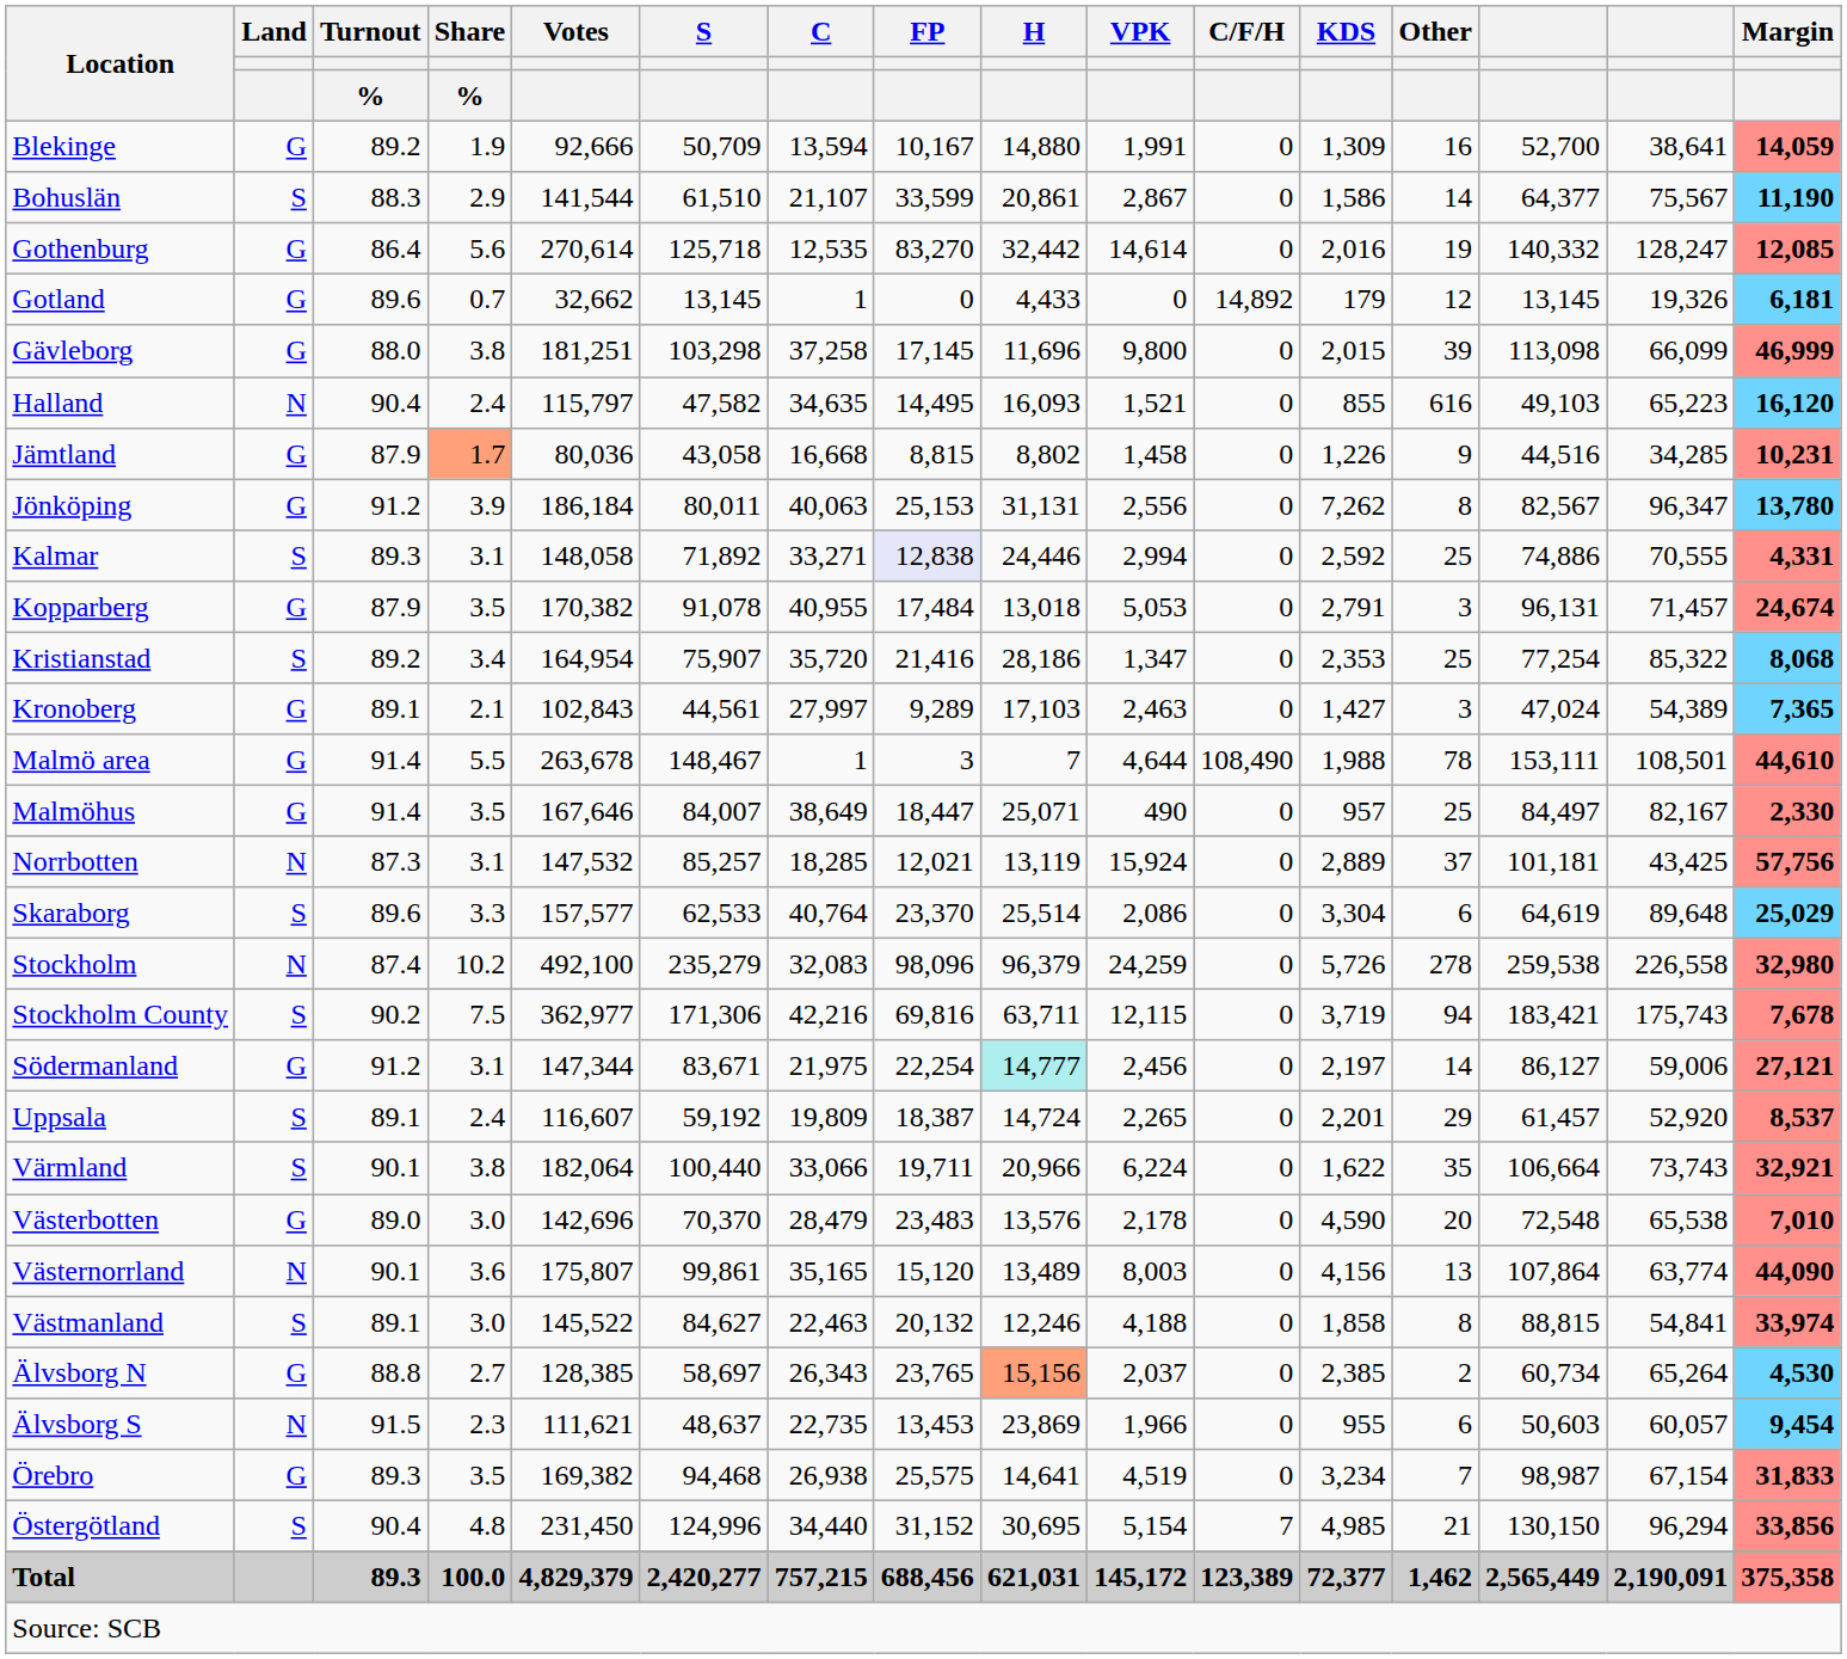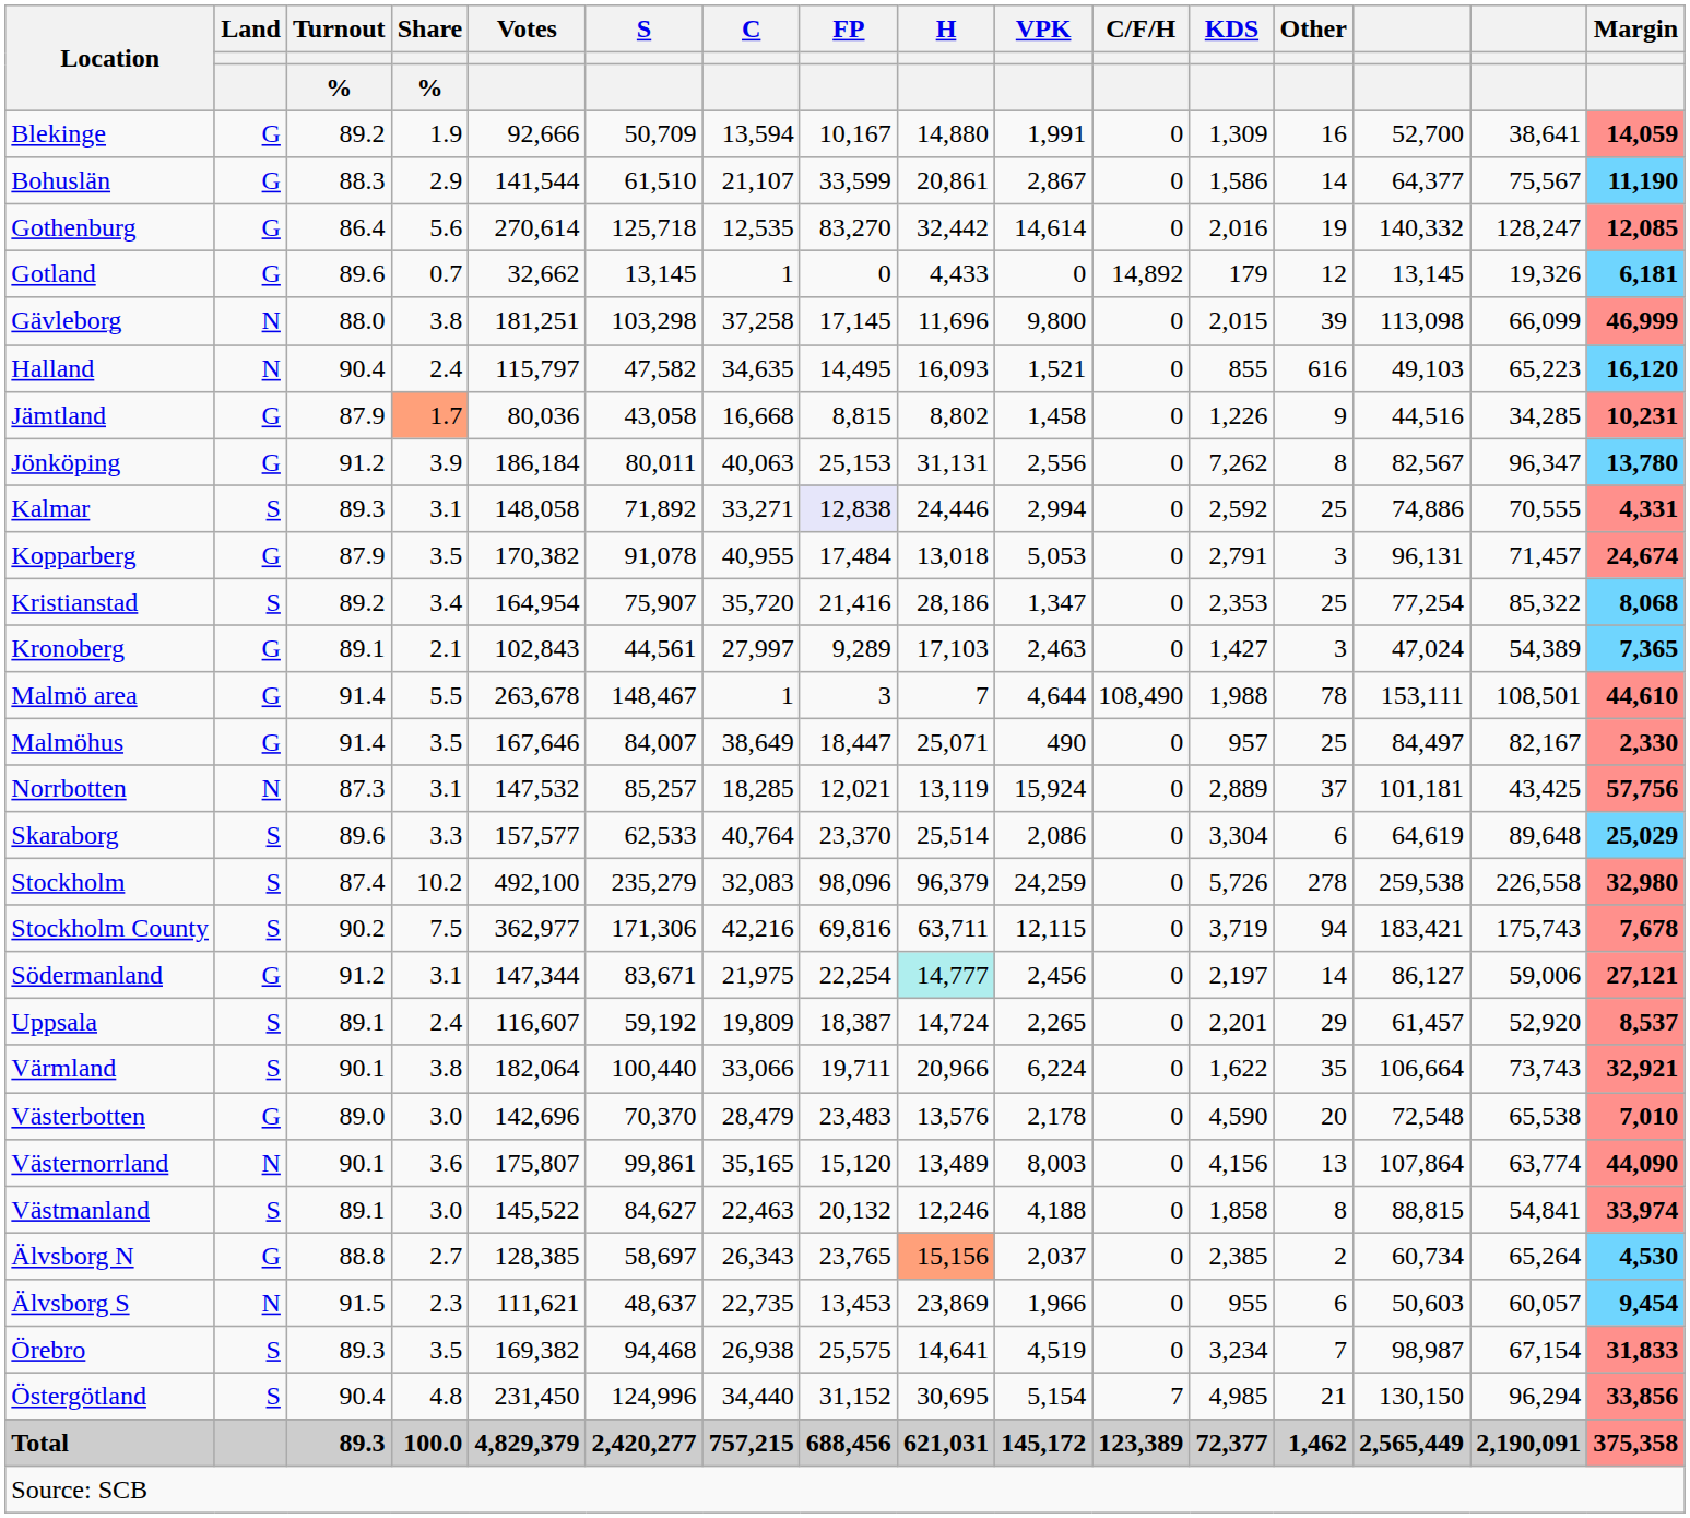 <table class="wikitable sortable" style="text-align:right; font-size:95%; line-height:20px;">
 <tr>
 <th rowspan="3">Location</th>
 <th>Land</th>
 <th>Turnout</th>
 <th>Share</th>
 <th>Votes</th>
 <th width="30px" class="unsortable"><a href='#'>S</a></th>
 <th width="30px" class="unsortable"><a href='#'>C</a></th>
 <th width="30px" class="unsortable"><a href='#'>FP</a></th>
 <th width="30px" class="unsortable"><a href='#'>H</a></th>
 <th width="30px" class="unsortable"><a href='#'>VPK</a></th>
 <th width="30px" class="unsortable">C/F/H</th>
 <th width="30px" class="unsortable"><a href='#'>KDS</a></th>
 <th width="30px" class="unsortable">Other</th>
 <th></th>
 <th></th>
 <th>Margin</th>
 </tr>
 <tr>
 <th></th>
 <th></th>
 <th></th>
 <th></th>
 <th style="background:"></th>
 <th style="background:"></th>
 <th style="background:"></th>
 <th style="background:"></th>
 <th style="background:"></th>
 <th style="background:"></th>
 <th style="background:"></th>
 <th style="background:"></th>
 <th style="background:"></th>
 <th style="background:"></th>
 <th></th>
 </tr>
 <tr>
 <th></th>
 <th data-sort-type="number">%</th>
 <th data-sort-type="number">%</th>
 <th></th>
 <th></th>
 <th></th>
 <th></th>
 <th></th>
 <th></th>
 <th></th>
 <th></th>
 <th></th>
 <th></th>
 <th></th>
 <th></th>
 </tr>
 <tr>
 <td align=left><a href='#'>Blekinge</a></td>
 <td><a href='#'>G</a></td>
 <td>89.2</td>
 <td>1.9</td>
 <td>92,666</td>
 <td>50,709</td>
 <td>13,594</td>
 <td>10,167</td>
 <td>14,880</td>
 <td>1,991</td>
 <td>0</td>
 <td>1,309</td>
 <td>16</td>
 <td>52,700</td>
 <td>38,641</td>
 <td bgcolor=#ff908c><strong>14,059</strong></td>
 </tr>
 <tr>
 <td align=left><a href='#'>Bohuslän</a></td>
-<td><a href='#'>S</a></td>
+<td><a href='#'>G</a></td>
 <td>88.3</td>
 <td>2.9</td>
 <td>141,544</td>
 <td>61,510</td>
 <td>21,107</td>
 <td>33,599</td>
 <td>20,861</td>
 <td>2,867</td>
 <td>0</td>
 <td>1,586</td>
 <td>14</td>
 <td>64,377</td>
 <td>75,567</td>
 <td bgcolor=#6fd5fe><strong>11,190</strong></td>
 </tr>
 <tr>
 <td align=left><a href='#'>Gothenburg</a></td>
 <td><a href='#'>G</a></td>
 <td>86.4</td>
 <td>5.6</td>
 <td>270,614</td>
 <td>125,718</td>
 <td>12,535</td>
 <td>83,270</td>
 <td>32,442</td>
 <td>14,614</td>
 <td>0</td>
 <td>2,016</td>
 <td>19</td>
 <td>140,332</td>
 <td>128,247</td>
 <td bgcolor=#ff908c><strong>12,085</strong></td>
 </tr>
 <tr>
 <td align=left><a href='#'>Gotland</a></td>
 <td><a href='#'>G</a></td>
 <td>89.6</td>
 <td>0.7</td>
 <td>32,662</td>
 <td>13,145</td>
 <td>1</td>
 <td>0</td>
 <td>4,433</td>
 <td>0</td>
 <td>14,892</td>
 <td>179</td>
 <td>12</td>
 <td>13,145</td>
 <td>19,326</td>
 <td bgcolor=#6fd5fe><strong>6,181</strong></td>
 </tr>
 <tr>
 <td align=left><a href='#'>Gävleborg</a></td>
-<td><a href='#'>G</a></td>
+<td><a href='#'>N</a></td>
 <td>88.0</td>
 <td>3.8</td>
 <td>181,251</td>
 <td>103,298</td>
 <td>37,258</td>
 <td>17,145</td>
 <td>11,696</td>
 <td>9,800</td>
 <td>0</td>
 <td>2,015</td>
 <td>39</td>
 <td>113,098</td>
 <td>66,099</td>
 <td bgcolor=#ff908c><strong>46,999</strong></td>
 </tr>
 <tr>
 <td align=left><a href='#'>Halland</a></td>
 <td><a href='#'>N</a></td>
 <td>90.4</td>
 <td>2.4</td>
 <td>115,797</td>
 <td>47,582</td>
 <td>34,635</td>
 <td>14,495</td>
 <td>16,093</td>
 <td>1,521</td>
 <td>0</td>
 <td>855</td>
 <td>616</td>
 <td>49,103</td>
 <td>65,223</td>
 <td bgcolor=#6fd5fe><strong>16,120</strong></td>
 </tr>
 <tr>
 <td align=left><a href='#'>Jämtland</a></td>
 <td><a href='#'>G</a></td>
 <td>87.9</td>
 <td style="background: lightsalmon;">1.7</td>
 <td>80,036</td>
 <td>43,058</td>
 <td>16,668</td>
 <td>8,815</td>
 <td>8,802</td>
 <td>1,458</td>
 <td>0</td>
 <td>1,226</td>
 <td>9</td>
 <td>44,516</td>
 <td>34,285</td>
 <td bgcolor=#ff908c><strong>10,231</strong></td>
 </tr>
 <tr>
 <td align=left><a href='#'>Jönköping</a></td>
 <td><a href='#'>G</a></td>
 <td>91.2</td>
 <td>3.9</td>
 <td>186,184</td>
 <td>80,011</td>
 <td>40,063</td>
 <td>25,153</td>
 <td>31,131</td>
 <td>2,556</td>
 <td>0</td>
 <td>7,262</td>
 <td>8</td>
 <td>82,567</td>
 <td>96,347</td>
 <td bgcolor=#6fd5fe><strong>13,780</strong></td>
 </tr>
 <tr>
 <td align=left><a href='#'>Kalmar</a></td>
 <td><a href='#'>S</a></td>
 <td>89.3</td>
 <td>3.1</td>
 <td>148,058</td>
 <td>71,892</td>
 <td>33,271</td>
 <td style="background: lavender;">12,838</td>
 <td>24,446</td>
 <td>2,994</td>
 <td>0</td>
 <td>2,592</td>
 <td>25</td>
 <td>74,886</td>
 <td>70,555</td>
 <td bgcolor=#ff908c><strong>4,331</strong></td>
 </tr>
 <tr>
 <td align=left><a href='#'>Kopparberg</a></td>
 <td><a href='#'>G</a></td>
 <td>87.9</td>
 <td>3.5</td>
 <td>170,382</td>
 <td>91,078</td>
 <td>40,955</td>
 <td>17,484</td>
 <td>13,018</td>
 <td>5,053</td>
 <td>0</td>
 <td>2,791</td>
 <td>3</td>
 <td>96,131</td>
 <td>71,457</td>
 <td bgcolor=#ff908c><strong>24,674</strong></td>
 </tr>
 <tr>
 <td align=left><a href='#'>Kristianstad</a></td>
 <td><a href='#'>S</a></td>
 <td>89.2</td>
 <td>3.4</td>
 <td>164,954</td>
 <td>75,907</td>
 <td>35,720</td>
 <td>21,416</td>
 <td>28,186</td>
 <td>1,347</td>
 <td>0</td>
 <td>2,353</td>
 <td>25</td>
 <td>77,254</td>
 <td>85,322</td>
 <td bgcolor=#6fd5fe><strong>8,068</strong></td>
 </tr>
 <tr>
 <td align=left><a href='#'>Kronoberg</a></td>
 <td><a href='#'>G</a></td>
 <td>89.1</td>
 <td>2.1</td>
 <td>102,843</td>
 <td>44,561</td>
 <td>27,997</td>
 <td>9,289</td>
 <td>17,103</td>
 <td>2,463</td>
 <td>0</td>
 <td>1,427</td>
 <td>3</td>
 <td>47,024</td>
 <td>54,389</td>
 <td bgcolor=#6fd5fe><strong>7,365</strong></td>
 </tr>
 <tr>
 <td align=left><a href='#'>Malmö area</a></td>
 <td><a href='#'>G</a></td>
 <td>91.4</td>
 <td>5.5</td>
 <td>263,678</td>
 <td>148,467</td>
 <td>1</td>
 <td>3</td>
 <td>7</td>
 <td>4,644</td>
 <td>108,490</td>
 <td>1,988</td>
 <td>78</td>
 <td>153,111</td>
 <td>108,501</td>
 <td bgcolor=#ff908c><strong>44,610</strong></td>
 </tr>
 <tr>
 <td align=left><a href='#'>Malmöhus</a></td>
 <td><a href='#'>G</a></td>
 <td>91.4</td>
 <td>3.5</td>
 <td>167,646</td>
 <td>84,007</td>
 <td>38,649</td>
 <td>18,447</td>
 <td>25,071</td>
 <td>490</td>
 <td>0</td>
 <td>957</td>
 <td>25</td>
 <td>84,497</td>
 <td>82,167</td>
 <td bgcolor=#ff908c><strong>2,330</strong></td>
 </tr>
 <tr>
 <td align=left><a href='#'>Norrbotten</a></td>
 <td><a href='#'>N</a></td>
 <td>87.3</td>
 <td>3.1</td>
 <td>147,532</td>
 <td>85,257</td>
 <td>18,285</td>
 <td>12,021</td>
 <td>13,119</td>
 <td>15,924</td>
 <td>0</td>
 <td>2,889</td>
 <td>37</td>
 <td>101,181</td>
 <td>43,425</td>
 <td bgcolor=#ff908c><strong>57,756</strong></td>
 </tr>
 <tr>
 <td align=left><a href='#'>Skaraborg</a></td>
 <td><a href='#'>S</a></td>
 <td>89.6</td>
 <td>3.3</td>
 <td>157,577</td>
 <td>62,533</td>
 <td>40,764</td>
 <td>23,370</td>
 <td>25,514</td>
 <td>2,086</td>
 <td>0</td>
 <td>3,304</td>
 <td>6</td>
 <td>64,619</td>
 <td>89,648</td>
 <td bgcolor=#6fd5fe><strong>25,029</strong></td>
 </tr>
 <tr>
 <td align=left><a href='#'>Stockholm</a></td>
-<td><a href='#'>N</a></td>
+<td><a href='#'>S</a></td>
 <td>87.4</td>
 <td>10.2</td>
 <td>492,100</td>
 <td>235,279</td>
 <td>32,083</td>
 <td>98,096</td>
 <td>96,379</td>
 <td>24,259</td>
 <td>0</td>
 <td>5,726</td>
 <td>278</td>
 <td>259,538</td>
 <td>226,558</td>
 <td bgcolor=#ff908c><strong>32,980</strong></td>
 </tr>
 <tr>
 <td align=left><a href='#'>Stockholm County</a></td>
 <td><a href='#'>S</a></td>
 <td>90.2</td>
 <td>7.5</td>
 <td>362,977</td>
 <td>171,306</td>
 <td>42,216</td>
 <td>69,816</td>
 <td>63,711</td>
 <td>12,115</td>
 <td>0</td>
 <td>3,719</td>
 <td>94</td>
 <td>183,421</td>
 <td>175,743</td>
 <td bgcolor=#ff908c><strong>7,678</strong></td>
 </tr>
 <tr>
 <td align=left><a href='#'>Södermanland</a></td>
 <td><a href='#'>G</a></td>
 <td>91.2</td>
 <td>3.1</td>
 <td>147,344</td>
 <td>83,671</td>
 <td>21,975</td>
 <td>22,254</td>
 <td style="background: paleturquoise;">14,777</td>
 <td>2,456</td>
 <td>0</td>
 <td>2,197</td>
 <td>14</td>
 <td>86,127</td>
 <td>59,006</td>
 <td bgcolor=#ff908c><strong>27,121</strong></td>
 </tr>
 <tr>
 <td align=left><a href='#'>Uppsala</a></td>
 <td><a href='#'>S</a></td>
 <td>89.1</td>
 <td>2.4</td>
 <td>116,607</td>
 <td>59,192</td>
 <td>19,809</td>
 <td>18,387</td>
 <td>14,724</td>
 <td>2,265</td>
 <td>0</td>
 <td>2,201</td>
 <td>29</td>
 <td>61,457</td>
 <td>52,920</td>
 <td bgcolor=#ff908c><strong>8,537</strong></td>
 </tr>
 <tr>
 <td align=left><a href='#'>Värmland</a></td>
 <td><a href='#'>S</a></td>
 <td>90.1</td>
 <td>3.8</td>
 <td>182,064</td>
 <td>100,440</td>
 <td>33,066</td>
 <td>19,711</td>
 <td>20,966</td>
 <td>6,224</td>
 <td>0</td>
 <td>1,622</td>
 <td>35</td>
 <td>106,664</td>
 <td>73,743</td>
 <td bgcolor=#ff908c><strong>32,921</strong></td>
 </tr>
 <tr>
 <td align=left><a href='#'>Västerbotten</a></td>
 <td><a href='#'>G</a></td>
 <td>89.0</td>
 <td>3.0</td>
 <td>142,696</td>
 <td>70,370</td>
 <td>28,479</td>
 <td>23,483</td>
 <td>13,576</td>
 <td>2,178</td>
 <td>0</td>
 <td>4,590</td>
 <td>20</td>
 <td>72,548</td>
 <td>65,538</td>
 <td bgcolor=#ff908c><strong>7,010</strong></td>
 </tr>
 <tr>
 <td align=left><a href='#'>Västernorrland</a></td>
 <td><a href='#'>N</a></td>
 <td>90.1</td>
 <td>3.6</td>
 <td>175,807</td>
 <td>99,861</td>
 <td>35,165</td>
 <td>15,120</td>
 <td>13,489</td>
 <td>8,003</td>
 <td>0</td>
 <td>4,156</td>
 <td>13</td>
 <td>107,864</td>
 <td>63,774</td>
 <td bgcolor=#ff908c><strong>44,090</strong></td>
 </tr>
 <tr>
 <td align=left><a href='#'>Västmanland</a></td>
 <td><a href='#'>S</a></td>
 <td>89.1</td>
 <td>3.0</td>
 <td>145,522</td>
 <td>84,627</td>
 <td>22,463</td>
 <td>20,132</td>
 <td>12,246</td>
 <td>4,188</td>
 <td>0</td>
 <td>1,858</td>
 <td>8</td>
 <td>88,815</td>
 <td>54,841</td>
 <td bgcolor=#ff908c><strong>33,974</strong></td>
 </tr>
 <tr>
 <td align=left><a href='#'>Älvsborg N</a></td>
 <td><a href='#'>G</a></td>
 <td>88.8</td>
 <td>2.7</td>
 <td>128,385</td>
 <td>58,697</td>
 <td>26,343</td>
 <td>23,765</td>
 <td style="background: lightsalmon;">15,156</td>
 <td>2,037</td>
 <td>0</td>
 <td>2,385</td>
 <td>2</td>
 <td>60,734</td>
 <td>65,264</td>
 <td bgcolor=#6fd5fe><strong>4,530</strong></td>
 </tr>
 <tr>
 <td align=left><a href='#'>Älvsborg S</a></td>
 <td><a href='#'>N</a></td>
 <td>91.5</td>
 <td>2.3</td>
 <td>111,621</td>
 <td>48,637</td>
 <td>22,735</td>
 <td>13,453</td>
 <td>23,869</td>
 <td>1,966</td>
 <td>0</td>
 <td>955</td>
 <td>6</td>
 <td>50,603</td>
 <td>60,057</td>
 <td bgcolor=#6fd5fe><strong>9,454</strong></td>
 </tr>
 <tr>
 <td align=left><a href='#'>Örebro</a></td>
-<td><a href='#'>G</a></td>
+<td><a href='#'>S</a></td>
 <td>89.3</td>
 <td>3.5</td>
 <td>169,382</td>
 <td>94,468</td>
 <td>26,938</td>
 <td>25,575</td>
 <td>14,641</td>
 <td>4,519</td>
 <td>0</td>
 <td>3,234</td>
 <td>7</td>
 <td>98,987</td>
 <td>67,154</td>
 <td bgcolor=#ff908c><strong>31,833</strong></td>
 </tr>
 <tr>
 <td align=left><a href='#'>Östergötland</a></td>
 <td><a href='#'>S</a></td>
 <td>90.4</td>
 <td>4.8</td>
 <td>231,450</td>
 <td>124,996</td>
 <td>34,440</td>
 <td>31,152</td>
 <td>30,695</td>
 <td>5,154</td>
 <td>7</td>
 <td>4,985</td>
 <td>21</td>
 <td>130,150</td>
 <td>96,294</td>
 <td bgcolor=#ff908c><strong>33,856</strong></td>
 </tr>
 <tr>
 </tr>
 <tr style="background:#CDCDCD;">
 <td align=left><strong>Total</strong></td>
 <td></td>
 <td><strong>89.3</strong></td>
 <td><strong>100.0</strong></td>
 <td><strong>4,829,379</strong></td>
 <td><strong>2,420,277</strong></td>
 <td><strong>757,215</strong></td>
 <td><strong>688,456</strong></td>
 <td><strong>621,031</strong></td>
 <td><strong>145,172</strong></td>
 <td><strong>123,389</strong></td>
 <td><strong>72,377</strong></td>
 <td><strong>1,462</strong></td>
 <td><strong>2,565,449</strong></td>
 <td><strong>2,190,091</strong></td>
 <td bgcolor=#ff908c><strong>375,358</strong></td>
 </tr>
 <tr>
 <td align=left colspan=16>Source: SCB </td>
 </tr>
 </table>
